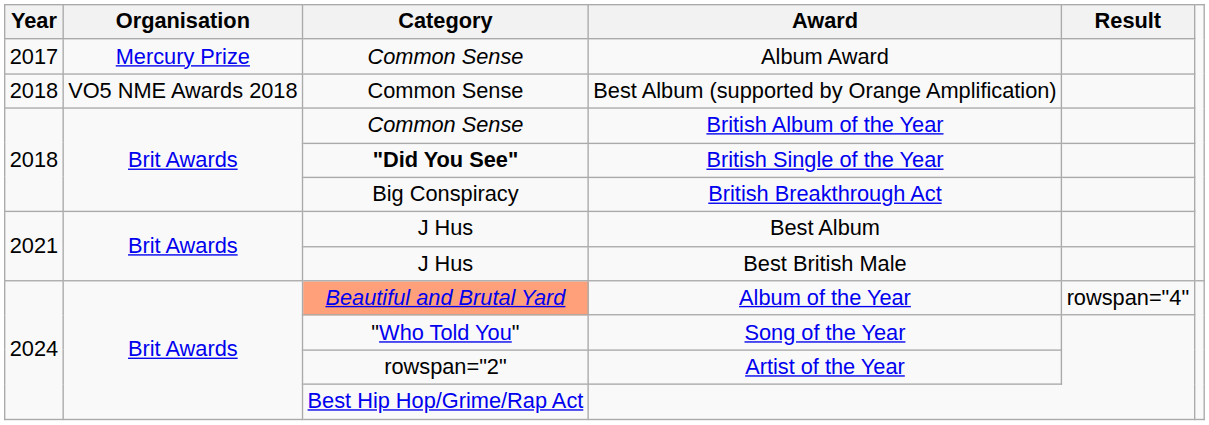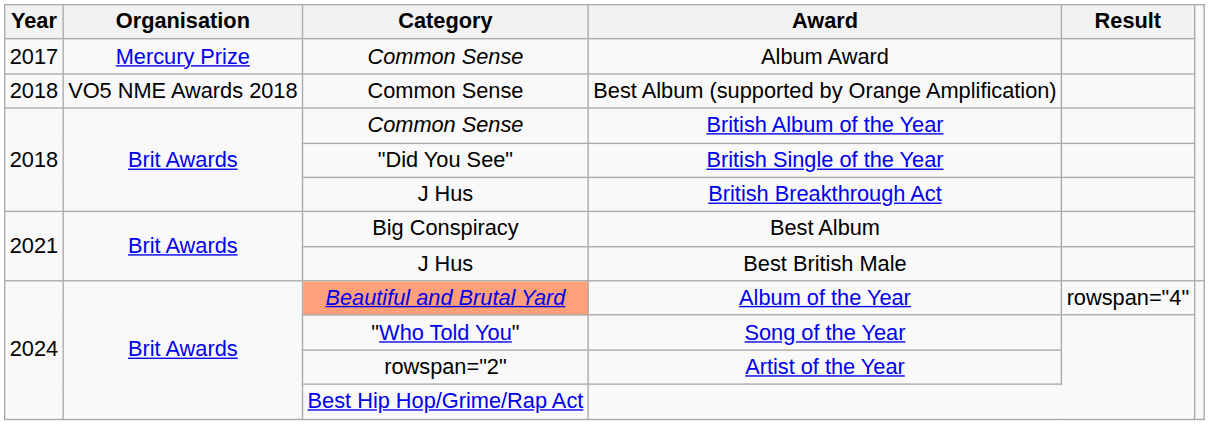 <table class="wikitable plainrowheaders" style="text-align:center;">
 <tr>
 <th>Year</th>
 <th>Organisation</th>
 <th>Category</th>
 <th>Award</th>
 <th>Result</th>
 </tr>
 <tr>
 <td>2017</td>
 <td><a href='#'>Mercury Prize</a></td>
 <td><em>Common Sense</em></td>
 <td>Album Award</td>
 <td></td>
 </tr>
 <tr>
 <td>2018</td>
 <td>VO5 NME Awards 2018</td>
 <td>Common Sense</td>
 <td>Best Album (supported by Orange Amplification)</td>
 <td></td>
 </tr>
 <tr>
 <td rowspan="3">2018</td>
 <td rowspan="3"><a href='#'>Brit Awards</a></td>
 <td><em>Common Sense</em></td>
 <td><a href='#'>British Album of the Year</a></td>
 <td></td>
 </tr>
 <tr>
-<td><strong>"Did You See"</strong></td>
+<td>"Did You See"</td>
 <td><a href='#'>British Single of the Year</a></td>
 <td></td>
 </tr>
 <tr>
-<td>Big Conspiracy</td>
+<td>J Hus</td>
 <td><a href='#'>British Breakthrough Act</a></td>
 <td></td>
 </tr>
 <tr>
 <td rowspan="2">2021</td>
 <td rowspan="2"><a href='#'>Brit Awards</a></td>
-<td>J Hus</td>
+<td>Big Conspiracy</td>
 <td>Best Album</td>
 <td></td>
 </tr>
 <tr>
 <td>J Hus</td>
 <td>Best British Male</td>
 <td></td>
 </tr>
 <tr>
 <td rowspan="4">2024</td>
 <td rowspan="4"><a href='#'>Brit Awards</a></td>
 <td style="background: lightsalmon;"><em><a href='#'>Beautiful and Brutal Yard</a></em></td>
 <td><a href='#'>Album of the Year</a></td>
 <td>rowspan="4" </td>
 <td rowspan="4"></td>
 </tr>
 <tr>
 <td>"<a href='#'>Who Told You</a>" </td>
 <td><a href='#'>Song of the Year</a></td>
 </tr>
 <tr>
 <td>rowspan="2" </td>
 <td><a href='#'>Artist of the Year</a></td>
 </tr>
 <tr>
 <td><a href='#'>Best Hip Hop/Grime/Rap Act</a></td>
 </tr>
 </table>
